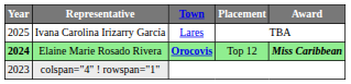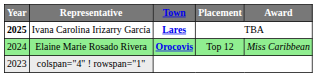 <table class="sortable wiki table" border="3" cellpadding="3" cellspacing="0" style="margin: 0 1em 0 0; background: white; border: 1px #000000 solid; border-collapse: collapse; font-size: 83%; text-align:center">
 <tr>
 <th style="background-color:#787878;color:#FFFFFF;">Year</th>
 <th style="background-color:#787878;color:#FFFFFF;">Representative</th>
 <th style="background-color:#787878;color:#FFFFFF;"><a href='#'>Town</a></th>
 <th style="background-color:#787878;color:#FFFFFF;">Placement</th>
 <th style="background-color:#787878;color:#FFFFFF;">Award</th>
 </tr>
 <tr>
-<td>2025</td>
+<td><strong>2025</strong></td>
 <td>Ivana Carolina Irizarry García</td>
-<td><a href='#'>Lares</a></td>
+<td><strong><a href='#'>Lares</a></strong></td>
 <td colspan=2>TBA</td>
 </tr>
 <tr>
-<td style="background-color:#90EE90;"><strong>2024</strong></td>
+<td style="background-color:#90EE90;">2024</td>
 <td style="background-color:#90EE90;">Elaine Marie Rosado Rivera</td>
 <td style="background-color:#90EE90;"><strong><a href='#'>Orocovis</a></strong></td>
 <td style="background-color:#90EE90;">Top 12</td>
-<td style="background-color:#90EE90;"><strong><em>Miss Caribbean</em></strong></td>
+<td style="background-color:#90EE90;"><em>Miss Caribbean</em></td>
 </tr>
 <tr style="background-color:#ececec;">
 <td>2023</td>
 <td>colspan="4" ! rowspan="1" </td>
 </tr>
 </table>
